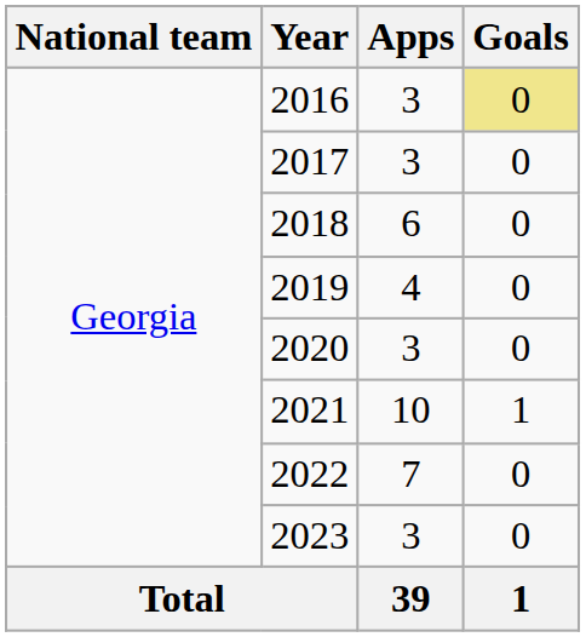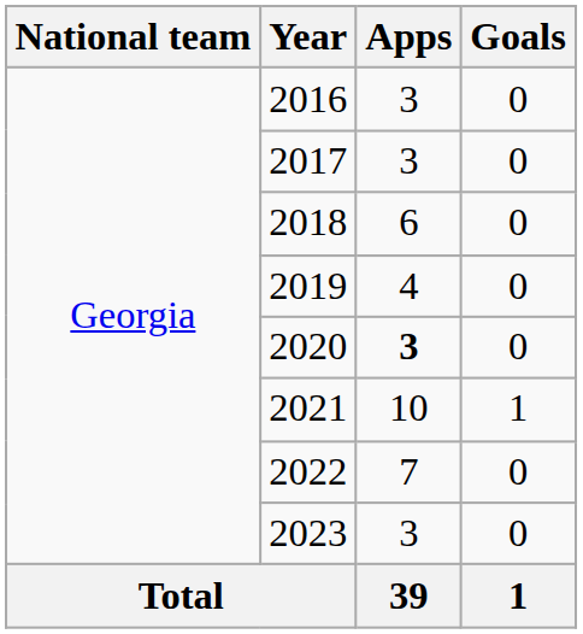 <table class="wikitable" style="text-align: center;">
 <tr>
 <th>National team</th>
 <th>Year</th>
 <th>Apps</th>
 <th>Goals</th>
 </tr>
 <tr>
 <td rowspan="8"><a href='#'>Georgia</a></td>
 <td>2016</td>
 <td>3</td>
-<td style="background: khaki;">0</td>
+<td>0</td>
 </tr>
 <tr>
 <td>2017</td>
 <td>3</td>
 <td>0</td>
 </tr>
 <tr>
 <td>2018</td>
 <td>6</td>
 <td>0</td>
 </tr>
 <tr>
 <td>2019</td>
 <td>4</td>
 <td>0</td>
 </tr>
 <tr>
 <td>2020</td>
-<td>3</td>
+<td><strong>3</strong></td>
 <td>0</td>
 </tr>
 <tr>
 <td>2021</td>
 <td>10</td>
 <td>1</td>
 </tr>
 <tr>
 <td>2022</td>
 <td>7</td>
 <td>0</td>
 </tr>
 <tr>
 <td>2023</td>
 <td>3</td>
 <td>0</td>
 </tr>
 <tr>
 <th colspan="2">Total</th>
 <th>39</th>
 <th>1</th>
 </tr>
 </table>
